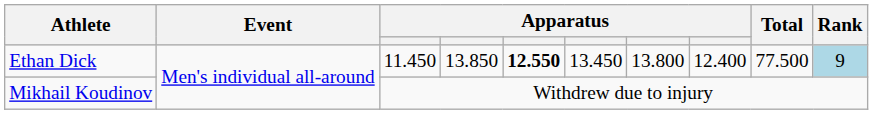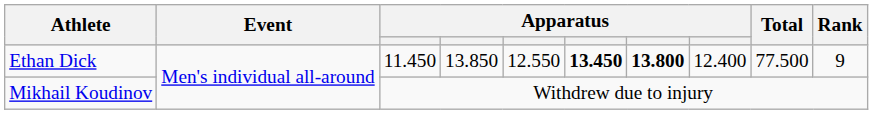 <table class="wikitable" style="font-size:90%; text-align:center">
 <tr>
 <th rowspan=2>Athlete</th>
 <th rowspan=2>Event</th>
 <th colspan=6>Apparatus</th>
 <th rowspan=2>Total</th>
 <th rowspan=2>Rank</th>
 </tr>
 <tr style="font-size:95%">
 <th></th>
 <th></th>
 <th></th>
 <th></th>
 <th></th>
 <th></th>
 </tr>
 <tr>
 <td align=left><a href='#'>Ethan Dick</a></td>
 <td align=left rowspan=2><a href='#'>Men's individual all-around</a></td>
 <td>11.450</td>
 <td>13.850</td>
-<td><strong>12.550</strong></td>
-<td>13.450</td>
-<td>13.800</td>
+<td>12.550</td>
+<td><strong>13.450</strong></td>
+<td><strong>13.800</strong></td>
 <td>12.400</td>
 <td>77.500</td>
-<td style="background: lightblue;">9</td>
+<td>9</td>
 </tr>
 <tr>
 <td align=left><a href='#'>Mikhail Koudinov</a></td>
 <td colspan=8>Withdrew due to injury</td>
 </tr>
 </table>
